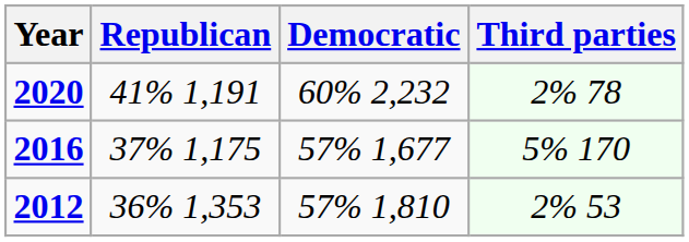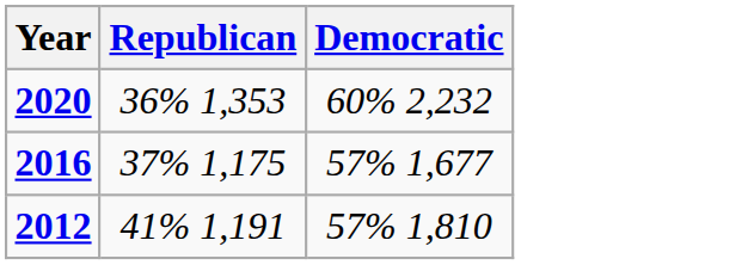 <table class="wikitable" style="left; margin: 1em 1em 1em 0; font-size: 95%;">
 <tr>
 <th>Year</th>
 <th><a href='#'>Republican</a></th>
 <th><a href='#'>Democratic</a></th>
-<th><a href='#'>Third parties</a></th>
 </tr>
 <tr>
 <td style="text-align:center; "><strong><a href='#'>2020</a></strong></td>
-<td style="text-align:center; "><em>41%</em> <em>1,191</em></td>
+<td style="text-align:center; "><em>36%</em> <em>1,353</em></td>
 <td style="text-align:center; "><em>60%</em> <em>2,232</em></td>
-<td style="text-align:center; background:honeyDew;"><em>2%</em> <em>78</em></td>
 </tr>
 <tr>
 <td style="text-align:center; "><strong><a href='#'>2016</a></strong></td>
 <td style="text-align:center; "><em>37%</em> <em>1,175</em></td>
 <td style="text-align:center; "><em>57%</em> <em>1,677</em></td>
-<td style="text-align:center; background:honeyDew;"><em>5%</em> <em>170</em></td>
 </tr>
 <tr>
 <td style="text-align:center; "><strong><a href='#'>2012</a></strong></td>
-<td style="text-align:center; "><em>36%</em> <em>1,353</em></td>
+<td style="text-align:center; "><em>41%</em> <em>1,191</em></td>
 <td style="text-align:center; "><em>57%</em> <em>1,810</em></td>
-<td style="text-align:center; background:honeyDew;"><em>2%</em> <em>53</em></td>
 </tr>
 </table>
